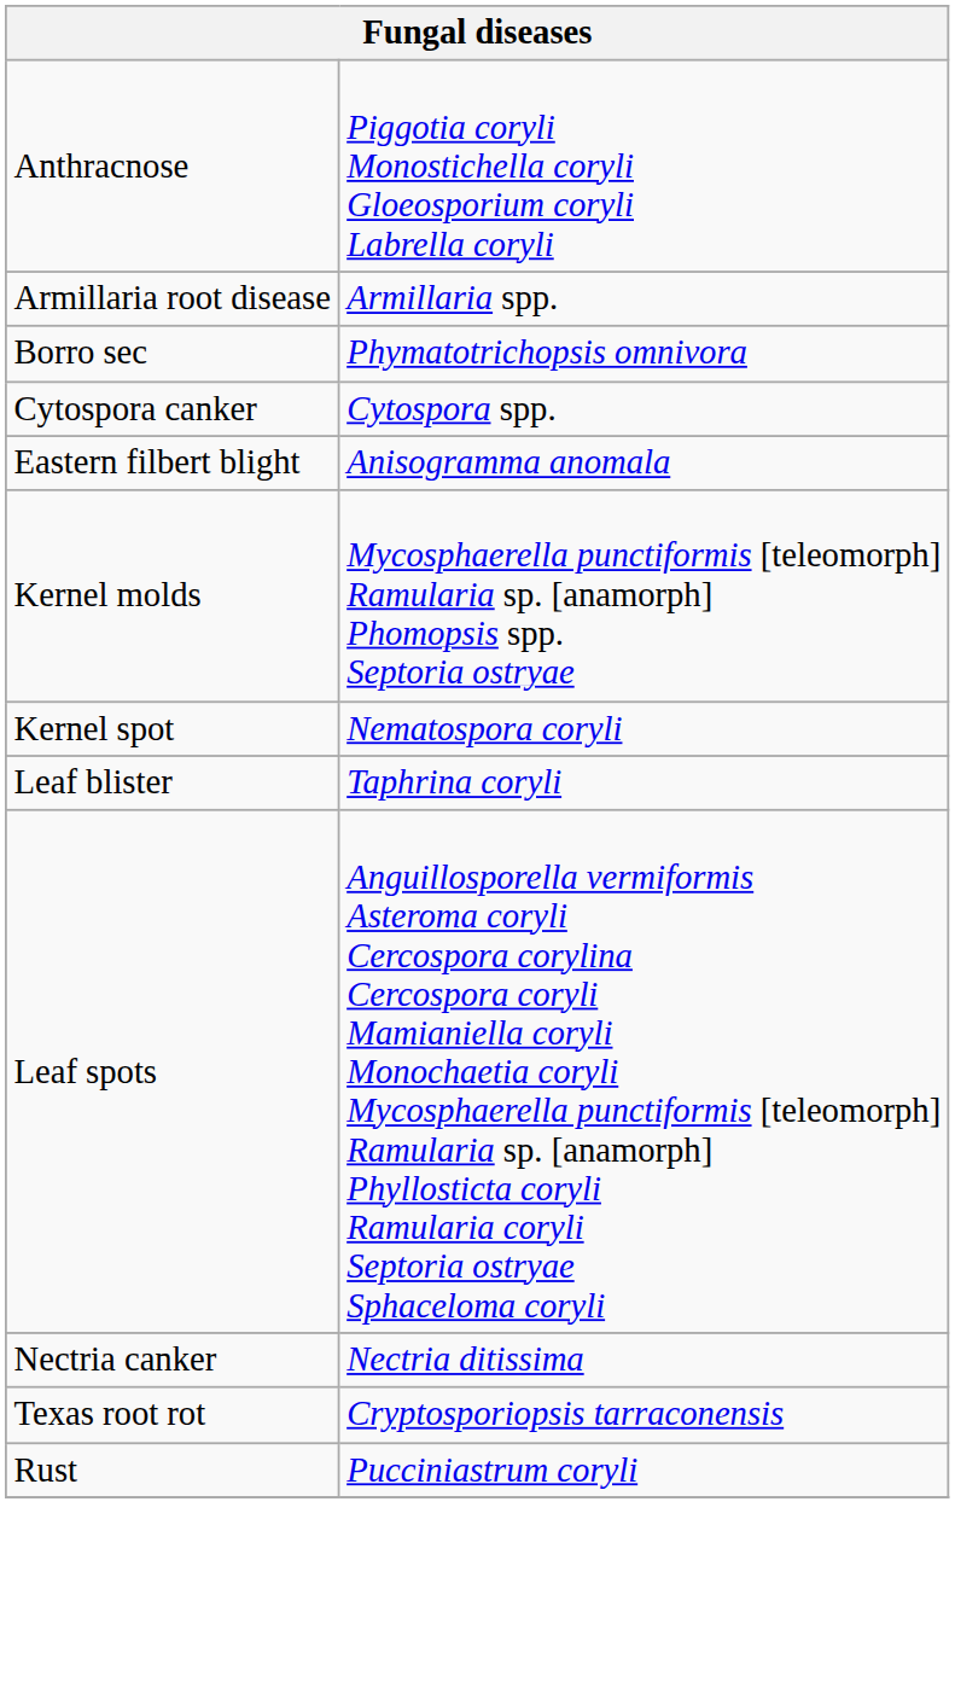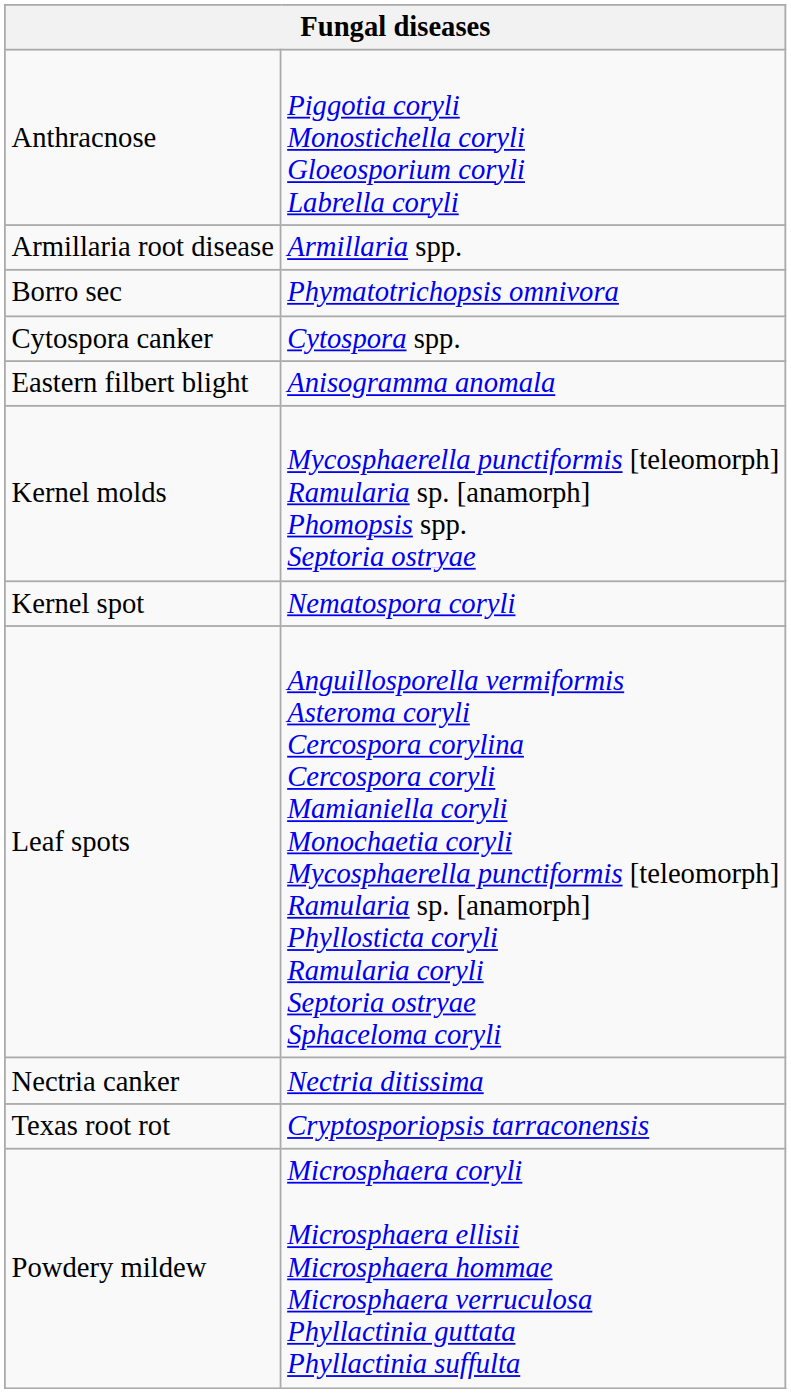 <table class="wikitable" style="clear">
 <tr>
 <th colspan=2><strong>Fungal diseases</strong><br></th>
 </tr>
 <tr>
 <td>Anthracnose</td>
 <td><br><em><a href='#'>Piggotia coryli</a></em> <br>  <em><a href='#'>Monostichella coryli</a></em> <br>  <em><a href='#'>Gloeosporium coryli</a></em> <br>  <em><a href='#'>Labrella coryli</a></em></td>
 </tr>
 <tr>
 <td>Armillaria root disease</td>
 <td><em><a href='#'>Armillaria</a></em> spp.</td>
 </tr>
 <tr>
 <td>Borro sec</td>
 <td><em><a href='#'>Phymatotrichopsis omnivora</a></em></td>
 </tr>
 <tr>
 <td>Cytospora canker</td>
 <td><em><a href='#'>Cytospora</a></em> spp.</td>
 </tr>
 <tr>
 <td>Eastern filbert blight</td>
 <td><em><a href='#'>Anisogramma anomala</a></em></td>
 </tr>
 <tr>
 <td>Kernel molds</td>
 <td><br><em><a href='#'>Mycosphaerella punctiformis</a></em> [teleomorph] <br> <em><a href='#'>Ramularia</a></em> sp. [anamorph] <br>  <em><a href='#'>Phomopsis</a></em> spp.  <br> <em><a href='#'>Septoria ostryae</a></em></td>
 </tr>
 <tr>
 <td>Kernel spot</td>
 <td><em><a href='#'>Nematospora coryli</a></em></td>
 </tr>
 <tr>
-<td>Leaf blister</td>
-<td><em><a href='#'>Taphrina coryli</a></em></td>
-</tr>
-<tr>
 <td>Leaf spots</td>
 <td><br><em><a href='#'>Anguillosporella vermiformis</a></em> <br> <em><a href='#'>Asteroma coryli</a></em> <br> <em><a href='#'>Cercospora corylina</a></em> <br> <em><a href='#'>Cercospora coryli</a></em> <br> <em><a href='#'>Mamianiella coryli</a></em> <br> <em><a href='#'>Monochaetia coryli</a></em> <br> <em><a href='#'>Mycosphaerella punctiformis</a></em> [teleomorph]  <br> <em><a href='#'>Ramularia</a></em> sp. [anamorph]  <br> <em><a href='#'>Phyllosticta coryli</a></em> <br> <em><a href='#'>Ramularia coryli</a></em> <br> <em><a href='#'>Septoria ostryae</a></em> <br> <em><a href='#'>Sphaceloma coryli</a></em></td>
 </tr>
 <tr>
 <td>Nectria canker</td>
 <td><em><a href='#'>Nectria ditissima</a></em></td>
 </tr>
 <tr>
 <td>Texas root rot</td>
 <td><em><a href='#'>Cryptosporiopsis tarraconensis</a></em></td>
 </tr>
 <tr>
-<td>Rust</td>
-<td><em><a href='#'>Pucciniastrum coryli</a></em></td>
+<td>Powdery mildew</td>
+<td><em><a href='#'>Microsphaera coryli</a></em> <br><br><em><a href='#'>Microsphaera ellisii</a></em> <br> <em><a href='#'>Microsphaera hommae</a></em> <br> <em><a href='#'>Microsphaera verruculosa</a></em> <br> <em><a href='#'>Phyllactinia guttata</a></em> <br>  <em><a href='#'>Phyllactinia suffulta</a></em></td>
 </tr>
 <tr>
 </tr>
 </table>
